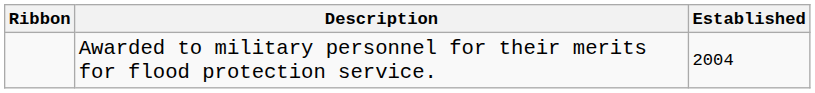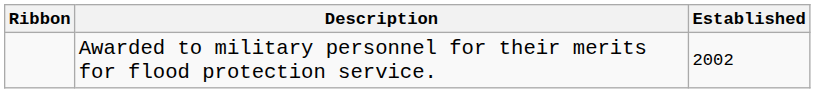 <table class="wikitable">
 <tr>
 <th>Ribbon</th>
 <th>Description</th>
 <th>Established</th>
 </tr>
 <tr>
 <td><big></big></td>
 <td><big>Awarded to military personnel for their merits for flood protection service.</big></td>
-<td>2004</td>
+<td>2002</td>
 </tr>
 </table>
